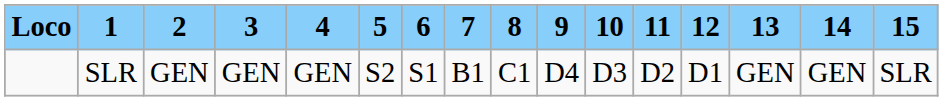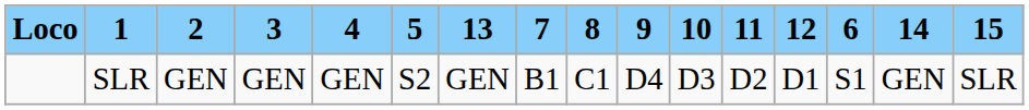 <table class="wikitable plainrowheaders unsortable" style="text-align:center">
 <tr>
 <th scope="col" rowspan="1" style="background:lightskyblue;">Loco</th>
 <th scope="col" rowspan="1" style="background:lightskyblue;">1</th>
 <th scope="col" rowspan="1" style="background:lightskyblue;">2</th>
 <th scope="col" rowspan="1" style="background:lightskyblue;">3</th>
 <th scope="col" rowspan="1" style="background:lightskyblue;">4</th>
 <th scope="col" rowspan="1" style="background:lightskyblue;">5</th>
-<th scope="col" rowspan="1" style="background:lightskyblue;">6</th>
+<th scope="col" rowspan="1" style="background:lightskyblue;">13</th>
 <th scope="col" rowspan="1" style="background:lightskyblue;">7</th>
 <th scope="col" rowspan="1" style="background:lightskyblue;">8</th>
 <th scope="col" rowspan="1" style="background:lightskyblue;">9</th>
 <th scope="col" rowspan="1" style="background:lightskyblue;">10</th>
 <th scope="col" rowspan="1" style="background:lightskyblue;">11</th>
 <th scope="col" rowspan="1" style="background:lightskyblue;">12</th>
-<th scope="col" rowspan="1" style="background:lightskyblue;">13</th>
+<th scope="col" rowspan="1" style="background:lightskyblue;">6</th>
 <th scope="col" rowspan="1" style="background:lightskyblue;">14</th>
 <th scope="col" rowspan="1" style="background:lightskyblue;">15</th>
 </tr>
 <tr>
 <td></td>
 <td>SLR</td>
 <td>GEN</td>
 <td>GEN</td>
 <td>GEN</td>
 <td>S2</td>
-<td>S1</td>
+<td>GEN</td>
 <td>B1</td>
 <td>C1</td>
 <td>D4</td>
 <td>D3</td>
 <td>D2</td>
 <td>D1</td>
-<td>GEN</td>
+<td>S1</td>
 <td>GEN</td>
 <td>SLR</td>
 </tr>
 </table>
